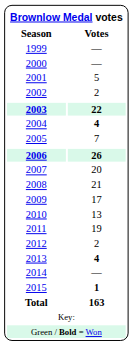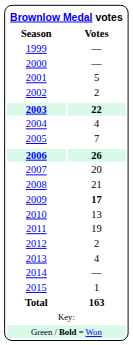 <table style="margin-right:4px; margin-top:8px; float:right; border:1px #000 solid; border-radius:8px; background:#fff; font-family:Verdana; font-size:8pt; text-align:center;">
 <tr style="background:#fff;">
 <td colspan="2;" style="padding:3px; margin-bottom:-3px; margin-top:2px; font-family:Arial; "><strong><a href='#'>Brownlow Medal</a> votes</strong></td>
 </tr>
 <tr>
 <th style="width:50%;">Season</th>
 <th style="width:50%;">Votes</th>
 </tr>
 <tr>
 <td><a href='#'>1999</a></td>
 <td>—</td>
 </tr>
 <tr>
 <td><a href='#'>2000</a></td>
 <td>—</td>
 </tr>
 <tr>
 <td><a href='#'>2001</a></td>
 <td>5</td>
 </tr>
 <tr>
 <td><a href='#'>2002</a></td>
 <td>2</td>
 </tr>
 <tr>
 </tr>
 <tr style="background:#D9F9E9;">
 <td><strong><a href='#'>2003</a></strong></td>
 <td><strong>22</strong></td>
 </tr>
 <tr>
 <td><a href='#'>2004</a></td>
-<td><strong>4</strong></td>
+<td>4</td>
 </tr>
 <tr>
 <td><a href='#'>2005</a></td>
 <td>7</td>
 </tr>
 <tr>
 </tr>
 <tr style="background:#D9F9E9;">
 <td><strong><a href='#'>2006</a></strong></td>
 <td><strong>26</strong></td>
 </tr>
 <tr>
 <td><a href='#'>2007</a></td>
 <td>20</td>
 </tr>
 <tr>
 <td><a href='#'>2008</a></td>
 <td>21</td>
 </tr>
 <tr>
 <td><a href='#'>2009</a></td>
-<td>17</td>
+<td><strong>17</strong></td>
 </tr>
 <tr>
 <td><a href='#'>2010</a></td>
 <td>13</td>
 </tr>
 <tr>
 <td><a href='#'>2011</a></td>
 <td>19</td>
 </tr>
 <tr>
 <td><a href='#'>2012</a></td>
 <td>2</td>
 </tr>
 <tr>
 <td><a href='#'>2013</a></td>
-<td><strong>4</strong></td>
+<td>4</td>
 </tr>
 <tr>
 <td><a href='#'>2014</a></td>
 <td>—</td>
 </tr>
 <tr>
 <td><a href='#'>2015</a></td>
-<td><strong>1</strong></td>
+<td>1</td>
 </tr>
 <tr>
 <td><strong>Total</strong></td>
 <td><strong>163</strong></td>
 </tr>
 <tr>
 <td colspan=2><small>Key:</small></td>
 </tr>
 <tr style="background:#d9f9e9; border:1px solid #aaa; width:2em;">
 <td colspan=2><small>Green / <strong>Bold</strong> = <a href='#'>Won</a></small></td>
 </tr>
 </table>
